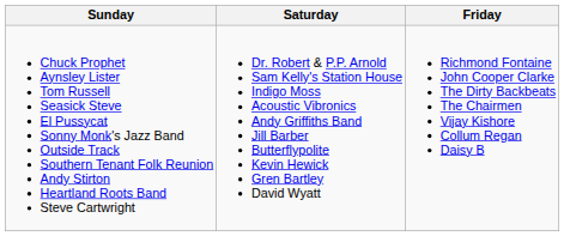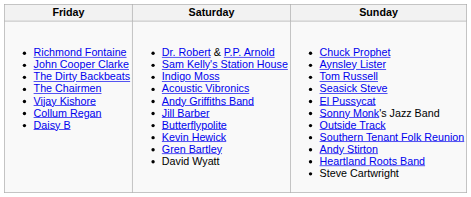 <table class="wikitable">
 <tr>
+<th>Friday</th>
+<th>Saturday</th>
 <th>Sunday</th>
-<th>Saturday</th>
-<th>Friday</th>
 </tr>
 <tr>
+<td valign=top><br><ul><li><a href='#'>Richmond Fontaine</a></li><li><a href='#'>John Cooper Clarke</a></li><li><a href='#'>The Dirty Backbeats</a></li><li><a href='#'>The Chairmen</a></li><li><a href='#'>Vijay Kishore</a></li><li><a href='#'>Collum Regan</a></li><li><a href='#'>Daisy B</a></li></ul></td>
+<td valign=top><br><ul><li><a href='#'>Dr. Robert</a> & <a href='#'>P.P. Arnold</a></li><li><a href='#'>Sam Kelly's Station House</a></li><li><a href='#'>Indigo Moss</a></li><li><a href='#'>Acoustic Vibronics</a></li><li><a href='#'>Andy Griffiths Band</a></li><li><a href='#'>Jill Barber</a></li><li><a href='#'>Butterflypolite</a></li><li><a href='#'>Kevin Hewick</a></li><li><a href='#'>Gren Bartley</a></li><li>David Wyatt</li></ul></td>
 <td valign=top><br><ul><li><a href='#'>Chuck Prophet</a></li><li><a href='#'>Aynsley Lister</a></li><li><a href='#'>Tom Russell</a></li><li><a href='#'>Seasick Steve</a></li><li><a href='#'>El Pussycat</a></li><li><a href='#'>Sonny Monk</a>'s Jazz Band</li><li><a href='#'>Outside Track</a></li><li><a href='#'>Southern Tenant Folk Reunion</a></li><li><a href='#'>Andy Stirton</a></li><li><a href='#'>Heartland Roots Band</a></li><li>Steve Cartwright</li></ul></td>
-<td valign=top><br><ul><li><a href='#'>Dr. Robert</a> & <a href='#'>P.P. Arnold</a></li><li><a href='#'>Sam Kelly's Station House</a></li><li><a href='#'>Indigo Moss</a></li><li><a href='#'>Acoustic Vibronics</a></li><li><a href='#'>Andy Griffiths Band</a></li><li><a href='#'>Jill Barber</a></li><li><a href='#'>Butterflypolite</a></li><li><a href='#'>Kevin Hewick</a></li><li><a href='#'>Gren Bartley</a></li><li>David Wyatt</li></ul></td>
-<td valign=top><br><ul><li><a href='#'>Richmond Fontaine</a></li><li><a href='#'>John Cooper Clarke</a></li><li><a href='#'>The Dirty Backbeats</a></li><li><a href='#'>The Chairmen</a></li><li><a href='#'>Vijay Kishore</a></li><li><a href='#'>Collum Regan</a></li><li><a href='#'>Daisy B</a></li></ul></td>
 </tr>
 </table>
